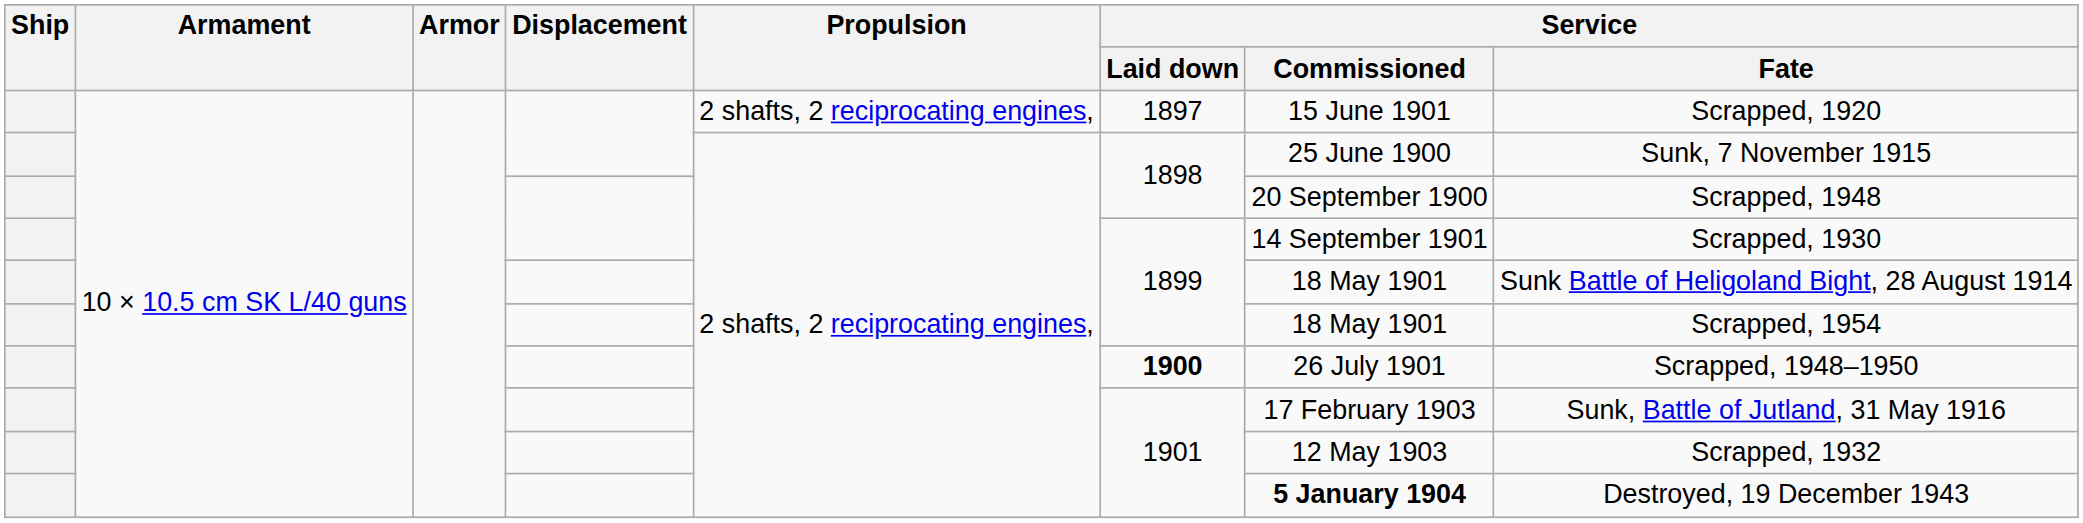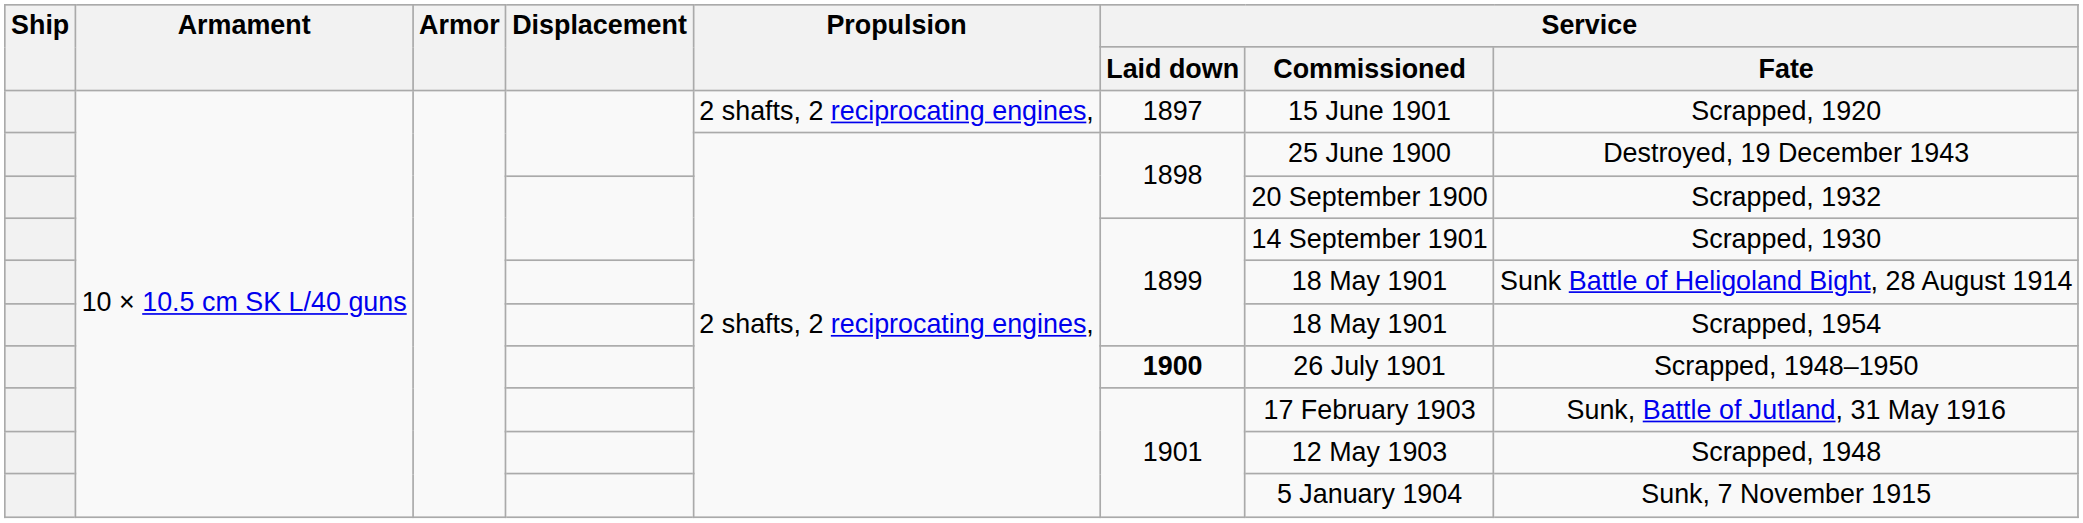 <table class="wikitable plainrowheaders" style="text-align: center;">
 <tr valign="top">
 <th scope="col" rowspan="2">Ship</th>
 <th scope="col" rowspan="2">Armament</th>
 <th scope="col" rowspan="2">Armor</th>
 <th scope="col" rowspan="2">Displacement</th>
 <th scope="col" rowspan="2">Propulsion</th>
 <th scope="col" colspan="3">Service</th>
 </tr>
 <tr valign="top">
 <th scope="col">Laid down</th>
 <th scope="col">Commissioned</th>
 <th scope="col">Fate</th>
 </tr>
 <tr valign="center">
 <th scope="row"></th>
 <td rowspan="10">10 × <a href='#'>10.5 cm SK L/40 guns</a></td>
 <td rowspan="10"></td>
 <td rowspan="2"></td>
 <td>2 shafts, 2 <a href='#'>reciprocating engines</a>, </td>
 <td>1897</td>
 <td>15 June 1901</td>
 <td>Scrapped, 1920</td>
 </tr>
 <tr valign="center">
 <th scope="row"></th>
 <td rowspan="9">2 shafts, 2 <a href='#'>reciprocating engines</a>, </td>
 <td rowspan="2">1898</td>
 <td>25 June 1900</td>
-<td>Sunk, 7 November 1915</td>
+<td>Destroyed, 19 December 1943</td>
 </tr>
 <tr valign="center">
 <th scope="row"></th>
 <td rowspan="2"></td>
 <td>20 September 1900</td>
-<td>Scrapped, 1948</td>
+<td>Scrapped, 1932</td>
 </tr>
 <tr valign="center">
 <th scope="row"></th>
 <td rowspan="3">1899</td>
 <td>14 September 1901</td>
 <td>Scrapped, 1930</td>
 </tr>
 <tr valign="center">
 <th scope="row"></th>
 <td></td>
 <td>18 May 1901</td>
 <td>Sunk <a href='#'>Battle of Heligoland Bight</a>, 28 August 1914</td>
 </tr>
 <tr valign="center">
 <th scope="row"></th>
 <td></td>
 <td>18 May 1901</td>
 <td>Scrapped, 1954</td>
 </tr>
 <tr valign="center">
 <th scope="row"></th>
 <td></td>
 <td><strong>1900</strong></td>
 <td>26 July 1901</td>
 <td>Scrapped, 1948–1950</td>
 </tr>
 <tr valign="center">
 <th scope="row"></th>
 <td></td>
 <td rowspan="3">1901</td>
 <td>17 February 1903</td>
 <td>Sunk, <a href='#'>Battle of Jutland</a>, 31 May 1916</td>
 </tr>
 <tr valign="center">
 <th scope="row"></th>
 <td></td>
 <td>12 May 1903</td>
-<td>Scrapped, 1932</td>
+<td>Scrapped, 1948</td>
 </tr>
 <tr valign="center">
 <th scope="row"></th>
 <td></td>
-<td><strong>5 January 1904</strong></td>
-<td>Destroyed, 19 December 1943</td>
+<td>5 January 1904</td>
+<td>Sunk, 7 November 1915</td>
 </tr>
 </table>
